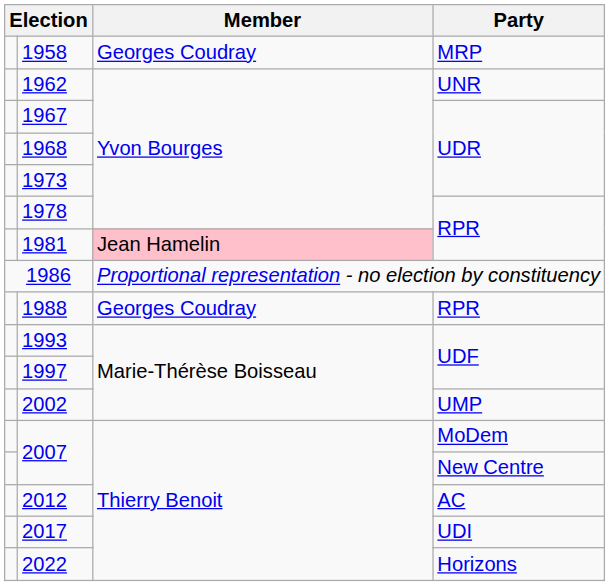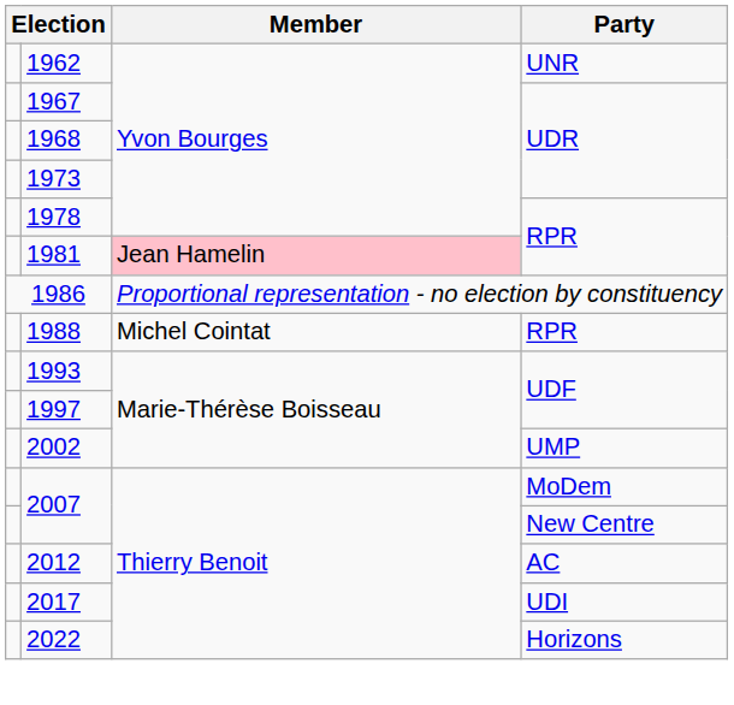 <table class="wikitable">
 <tr>
 <th colspan="2">Election</th>
 <th>Member</th>
 <th>Party</th>
-</tr>
-<tr>
-<td style="color:inherit;background-color: "></td>
-<td><a href='#'>1958</a></td>
-<td><a href='#'>Georges Coudray</a></td>
-<td><a href='#'>MRP</a></td>
 </tr>
 <tr>
 <td style="color:inherit;background-color: "></td>
 <td><a href='#'>1962</a></td>
 <td rowspan="5"><a href='#'>Yvon Bourges</a></td>
 <td><a href='#'>UNR</a></td>
 </tr>
 <tr>
 <td style="color:inherit;background-color: "></td>
 <td><a href='#'>1967</a></td>
 <td rowspan="3"><a href='#'>UDR</a></td>
 </tr>
 <tr>
 <td style="color:inherit;background-color: "></td>
 <td><a href='#'>1968</a></td>
 </tr>
 <tr>
 <td style="color:inherit;background-color: "></td>
 <td><a href='#'>1973</a></td>
 </tr>
 <tr>
 <td style="color:inherit;background-color: "></td>
 <td><a href='#'>1978</a></td>
 <td rowspan="2"><a href='#'>RPR</a></td>
 </tr>
 <tr>
 <td style="color:inherit;background-color: "></td>
 <td><a href='#'>1981</a></td>
 <td style="background: pink;">Jean Hamelin</td>
 </tr>
 <tr>
 <td colspan="2" align="center"><a href='#'>1986</a></td>
 <td colspan="2"><em><a href='#'>Proportional representation</a> - no election by constituency</em></td>
 </tr>
 <tr>
 <td style="color:inherit;background-color: "></td>
 <td><a href='#'>1988</a></td>
-<td><a href='#'>Georges Coudray</a></td>
+<td>Michel Cointat</td>
 <td><a href='#'>RPR</a></td>
 </tr>
 <tr>
 <td style="color:inherit;background-color: "></td>
 <td><a href='#'>1993</a></td>
 <td rowspan="3">Marie-Thérèse Boisseau</td>
 <td rowspan="2"><a href='#'>UDF</a></td>
 </tr>
 <tr>
 <td style="color:inherit;background-color: "></td>
 <td><a href='#'>1997</a></td>
 </tr>
 <tr>
 <td style="color:inherit;background-color: "></td>
 <td><a href='#'>2002</a></td>
 <td><a href='#'>UMP</a></td>
 </tr>
 <tr>
 <td style="color:inherit;background-color: "></td>
 <td rowspan="2"><a href='#'>2007</a></td>
 <td rowspan="5"><a href='#'>Thierry Benoit</a></td>
 <td><a href='#'>MoDem</a></td>
 </tr>
 <tr>
 <td style="color:inherit;background-color: "></td>
 <td><a href='#'>New Centre</a></td>
 </tr>
 <tr>
 <td style="color:inherit;background-color: "></td>
 <td><a href='#'>2012</a></td>
 <td><a href='#'>AC</a></td>
 </tr>
 <tr>
 <td style="color:inherit;background-color: "></td>
 <td><a href='#'>2017</a></td>
 <td><a href='#'>UDI</a></td>
 </tr>
 <tr>
 <td style="color:inherit;background-color: "></td>
 <td><a href='#'>2022</a></td>
 <td><a href='#'>Horizons</a></td>
 </tr>
 </table>
